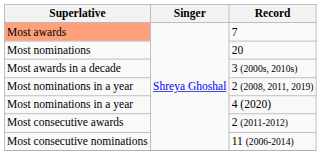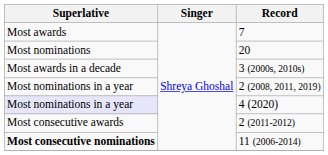 <table class="wikitable">
 <tr>
 <th>Superlative</th>
 <th>Singer</th>
 <th>Record</th>
 </tr>
 <tr>
-<td style="background: lightsalmon;">Most awards</td>
+<td>Most awards</td>
 <td rowspan="7"><a href='#'>Shreya Ghoshal</a></td>
 <td>7</td>
 </tr>
 <tr>
 <td>Most nominations</td>
 <td>20</td>
 </tr>
 <tr>
 <td>Most awards in a decade</td>
 <td>3 <small>(2000s, 2010s)</small></td>
 </tr>
 <tr>
 <td>Most nominations in a year</td>
 <td>2 <small>(2008, 2011, 2019)</small></td>
 </tr>
 <tr>
-<td>Most nominations in a year</td>
+<td style="background: lavender;">Most nominations in a year</td>
 <td>4 (2020)</td>
 </tr>
 <tr>
 <td>Most consecutive awards</td>
 <td>2 <small>(2011-2012)</small></td>
 </tr>
 <tr>
-<td>Most consecutive nominations</td>
+<td><strong>Most consecutive nominations</strong></td>
 <td>11 <small>(2006-2014)</small></td>
 </tr>
 <tr>
 </tr>
 </table>
